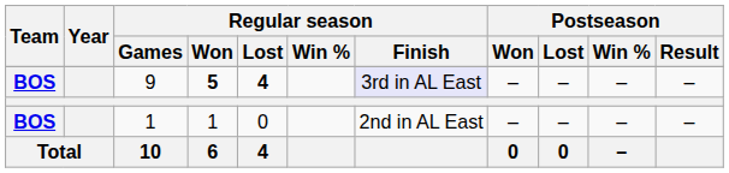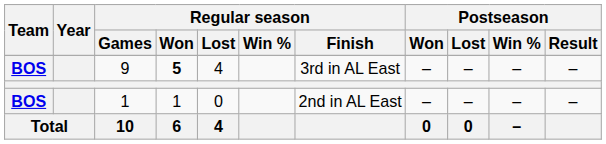 <table class="wikitable" style="font-size: 95%; text-align:center;">
 <tr>
 <th rowspan="2">Team</th>
 <th rowspan="2">Year</th>
 <th colspan="5">Regular season</th>
 <th colspan="4">Postseason</th>
 </tr>
 <tr>
 <th>Games</th>
 <th>Won</th>
 <th>Lost</th>
 <th>Win %</th>
 <th>Finish</th>
 <th>Won</th>
 <th>Lost</th>
 <th>Win %</th>
 <th>Result</th>
 </tr>
 <tr>
 </tr>
 <tr>
 <th><a href='#'>BOS</a></th>
 <th></th>
 <td>9</td>
 <td><strong>5</strong></td>
-<td><strong>4</strong></td>
+<td>4</td>
 <td></td>
-<td style="background: lavender;">3rd in AL East</td>
+<td>3rd in AL East</td>
 <td>–</td>
 <td>–</td>
 <td>–</td>
 <td>–</td>
 </tr>
 <tr>
 <th colspan="11"></th>
 </tr>
 <tr>
 <th><a href='#'>BOS</a></th>
 <th></th>
 <td>1</td>
 <td>1</td>
 <td>0</td>
 <td></td>
 <td>2nd in AL East</td>
 <td>–</td>
 <td>–</td>
 <td>–</td>
 <td>–</td>
 </tr>
 <tr>
 <th colspan="2">Total</th>
 <th>10</th>
 <th>6</th>
 <th>4</th>
 <th></th>
 <th></th>
 <th>0</th>
 <th>0</th>
 <th>–</th>
 <th></th>
 </tr>
 </table>
